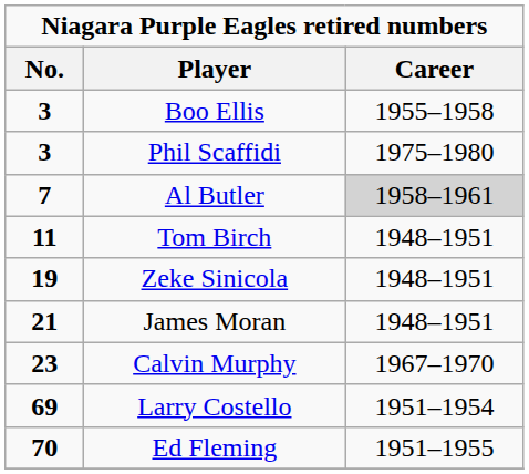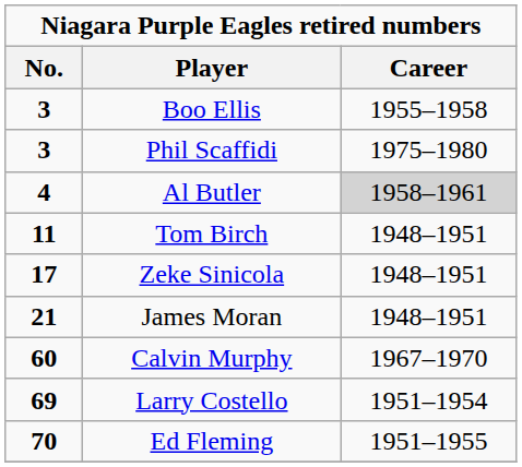 <table class="wikitable sortable" style="text-align:center">
 <tr>
 <td colspan=6><strong>Niagara Purple Eagles retired numbers</strong></td>
 </tr>
 <tr>
 <th width=40px>No.</th>
 <th width=150px>Player</th>
 <th width=100px>Career</th>
 </tr>
 <tr>
 <td><strong>3</strong></td>
 <td><a href='#'>Boo Ellis</a></td>
 <td>1955–1958</td>
 </tr>
 <tr>
 <td><strong>3</strong></td>
 <td><a href='#'>Phil Scaffidi</a></td>
 <td>1975–1980</td>
 </tr>
 <tr>
-<td><strong>7</strong></td>
+<td><strong>4</strong></td>
 <td><a href='#'>Al Butler</a></td>
 <td style="background: lightgrey;">1958–1961</td>
 </tr>
 <tr>
 <td><strong>11</strong></td>
 <td><a href='#'>Tom Birch</a></td>
 <td>1948–1951</td>
 </tr>
 <tr>
-<td><strong>19</strong></td>
+<td><strong>17</strong></td>
 <td><a href='#'>Zeke Sinicola</a></td>
 <td>1948–1951</td>
 </tr>
 <tr>
 <td><strong>21</strong></td>
 <td>James Moran</td>
 <td>1948–1951</td>
 </tr>
 <tr>
-<td><strong>23</strong></td>
+<td><strong>60</strong></td>
 <td><a href='#'>Calvin Murphy</a></td>
 <td>1967–1970</td>
 </tr>
 <tr>
 <td><strong>69</strong></td>
 <td><a href='#'>Larry Costello</a></td>
 <td>1951–1954</td>
 </tr>
 <tr>
 <td><strong>70</strong></td>
 <td><a href='#'>Ed Fleming</a></td>
 <td>1951–1955</td>
 </tr>
 <tr>
 </tr>
 </table>
